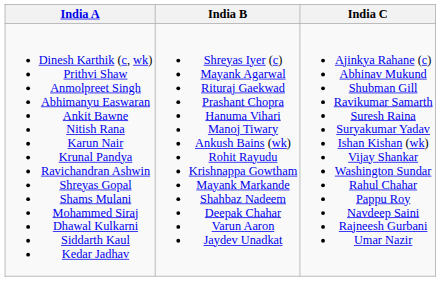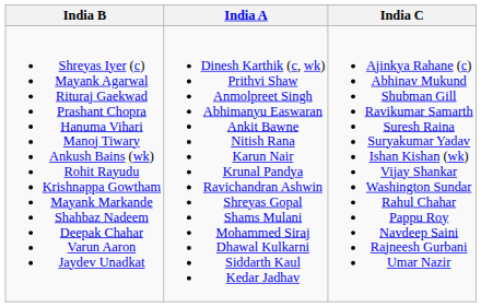 <table class="wikitable" style="text-align:center; margin:auto">
 <tr>
+<th>India B</th>
 <th><a href='#'>India A</a></th>
-<th>India B</th>
 <th>India C</th>
 </tr>
 <tr style="vertical-align:top">
+<td><br><ul><li><a href='#'>Shreyas Iyer</a> (<a href='#'>c</a>)</li><li><a href='#'>Mayank Agarwal</a></li><li><a href='#'>Rituraj Gaekwad</a></li><li><a href='#'>Prashant Chopra</a></li><li><a href='#'>Hanuma Vihari</a></li><li><a href='#'>Manoj Tiwary</a></li><li><a href='#'>Ankush Bains</a> (<a href='#'>wk</a>)</li><li><a href='#'>Rohit Rayudu</a></li><li><a href='#'>Krishnappa Gowtham</a></li><li><a href='#'>Mayank Markande</a></li><li><a href='#'>Shahbaz Nadeem</a></li><li><a href='#'>Deepak Chahar</a></li><li><a href='#'>Varun Aaron</a></li><li><a href='#'>Jaydev Unadkat</a></li></ul></td>
 <td><br><ul><li><a href='#'>Dinesh Karthik</a> (<a href='#'>c</a>, <a href='#'>wk</a>)</li><li><a href='#'>Prithvi Shaw</a></li><li><a href='#'>Anmolpreet Singh</a></li><li><a href='#'>Abhimanyu Easwaran</a></li><li><a href='#'>Ankit Bawne</a></li><li><a href='#'>Nitish Rana</a></li><li><a href='#'>Karun Nair</a></li><li><a href='#'>Krunal Pandya</a></li><li><a href='#'>Ravichandran Ashwin</a></li><li><a href='#'>Shreyas Gopal</a></li><li><a href='#'>Shams Mulani</a></li><li><a href='#'>Mohammed Siraj</a></li><li><a href='#'>Dhawal Kulkarni</a></li><li><a href='#'>Siddarth Kaul</a></li><li><a href='#'>Kedar Jadhav</a></li></ul></td>
-<td><br><ul><li><a href='#'>Shreyas Iyer</a> (<a href='#'>c</a>)</li><li><a href='#'>Mayank Agarwal</a></li><li><a href='#'>Rituraj Gaekwad</a></li><li><a href='#'>Prashant Chopra</a></li><li><a href='#'>Hanuma Vihari</a></li><li><a href='#'>Manoj Tiwary</a></li><li><a href='#'>Ankush Bains</a> (<a href='#'>wk</a>)</li><li><a href='#'>Rohit Rayudu</a></li><li><a href='#'>Krishnappa Gowtham</a></li><li><a href='#'>Mayank Markande</a></li><li><a href='#'>Shahbaz Nadeem</a></li><li><a href='#'>Deepak Chahar</a></li><li><a href='#'>Varun Aaron</a></li><li><a href='#'>Jaydev Unadkat</a></li></ul></td>
 <td><br><ul><li><a href='#'>Ajinkya Rahane</a> (<a href='#'>c</a>)</li><li><a href='#'>Abhinav Mukund</a></li><li><a href='#'>Shubman Gill</a></li><li><a href='#'>Ravikumar Samarth</a></li><li><a href='#'>Suresh Raina</a></li><li><a href='#'>Suryakumar Yadav</a></li><li><a href='#'>Ishan Kishan</a> (<a href='#'>wk</a>)</li><li><a href='#'>Vijay Shankar</a></li><li><a href='#'>Washington Sundar</a></li><li><a href='#'>Rahul Chahar</a></li><li><a href='#'>Pappu Roy</a></li><li><a href='#'>Navdeep Saini</a></li><li><a href='#'>Rajneesh Gurbani</a></li><li><a href='#'>Umar Nazir</a></li></ul></td>
 </tr>
 </table>
